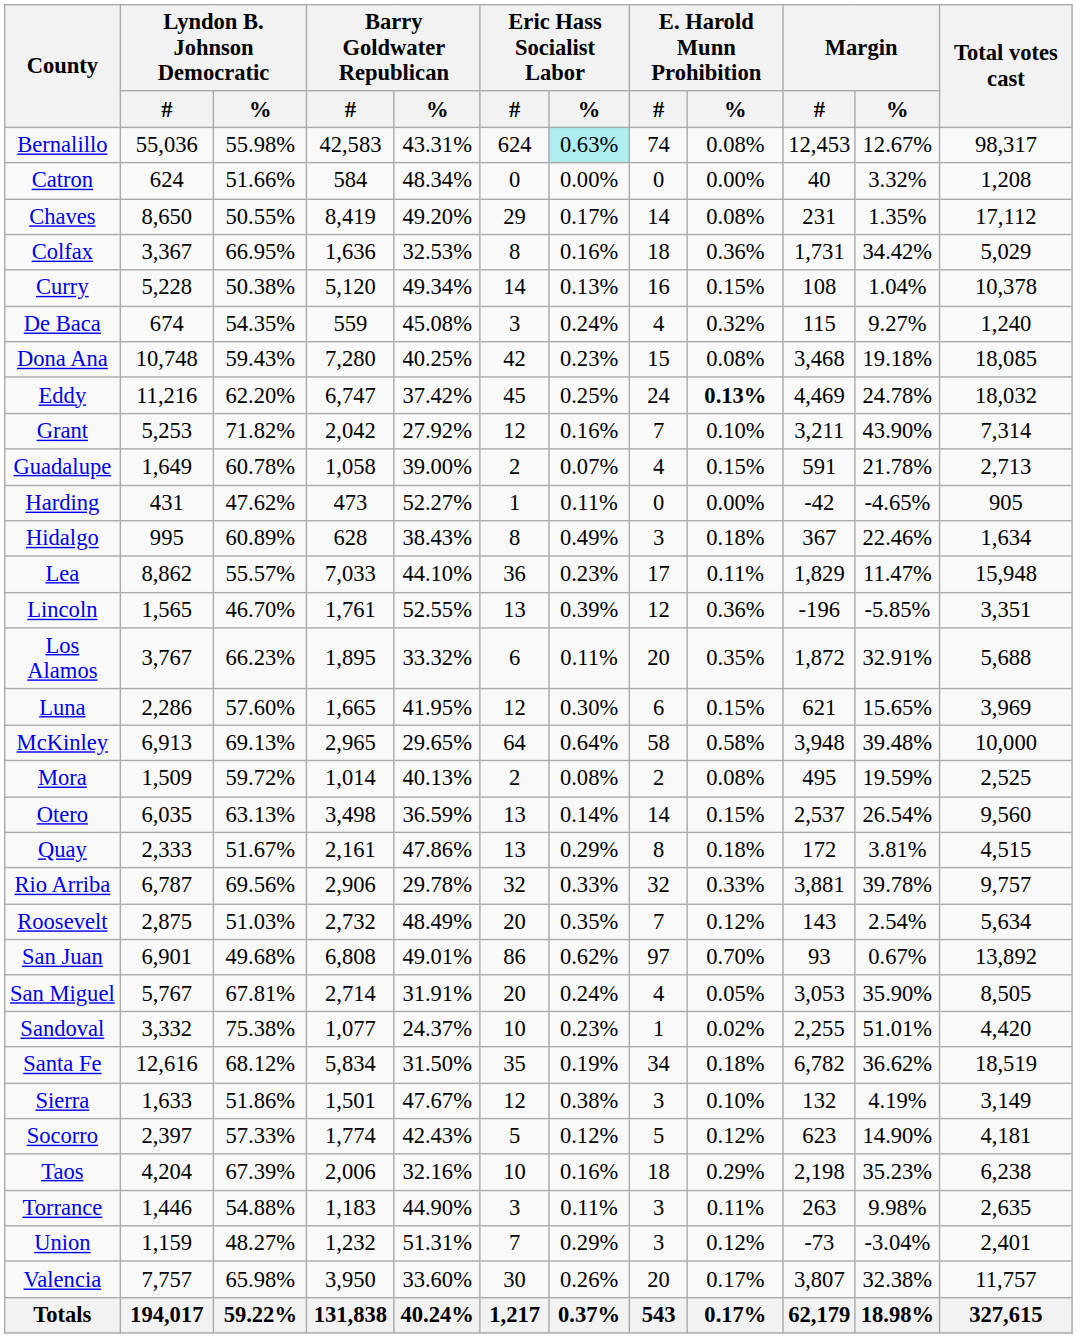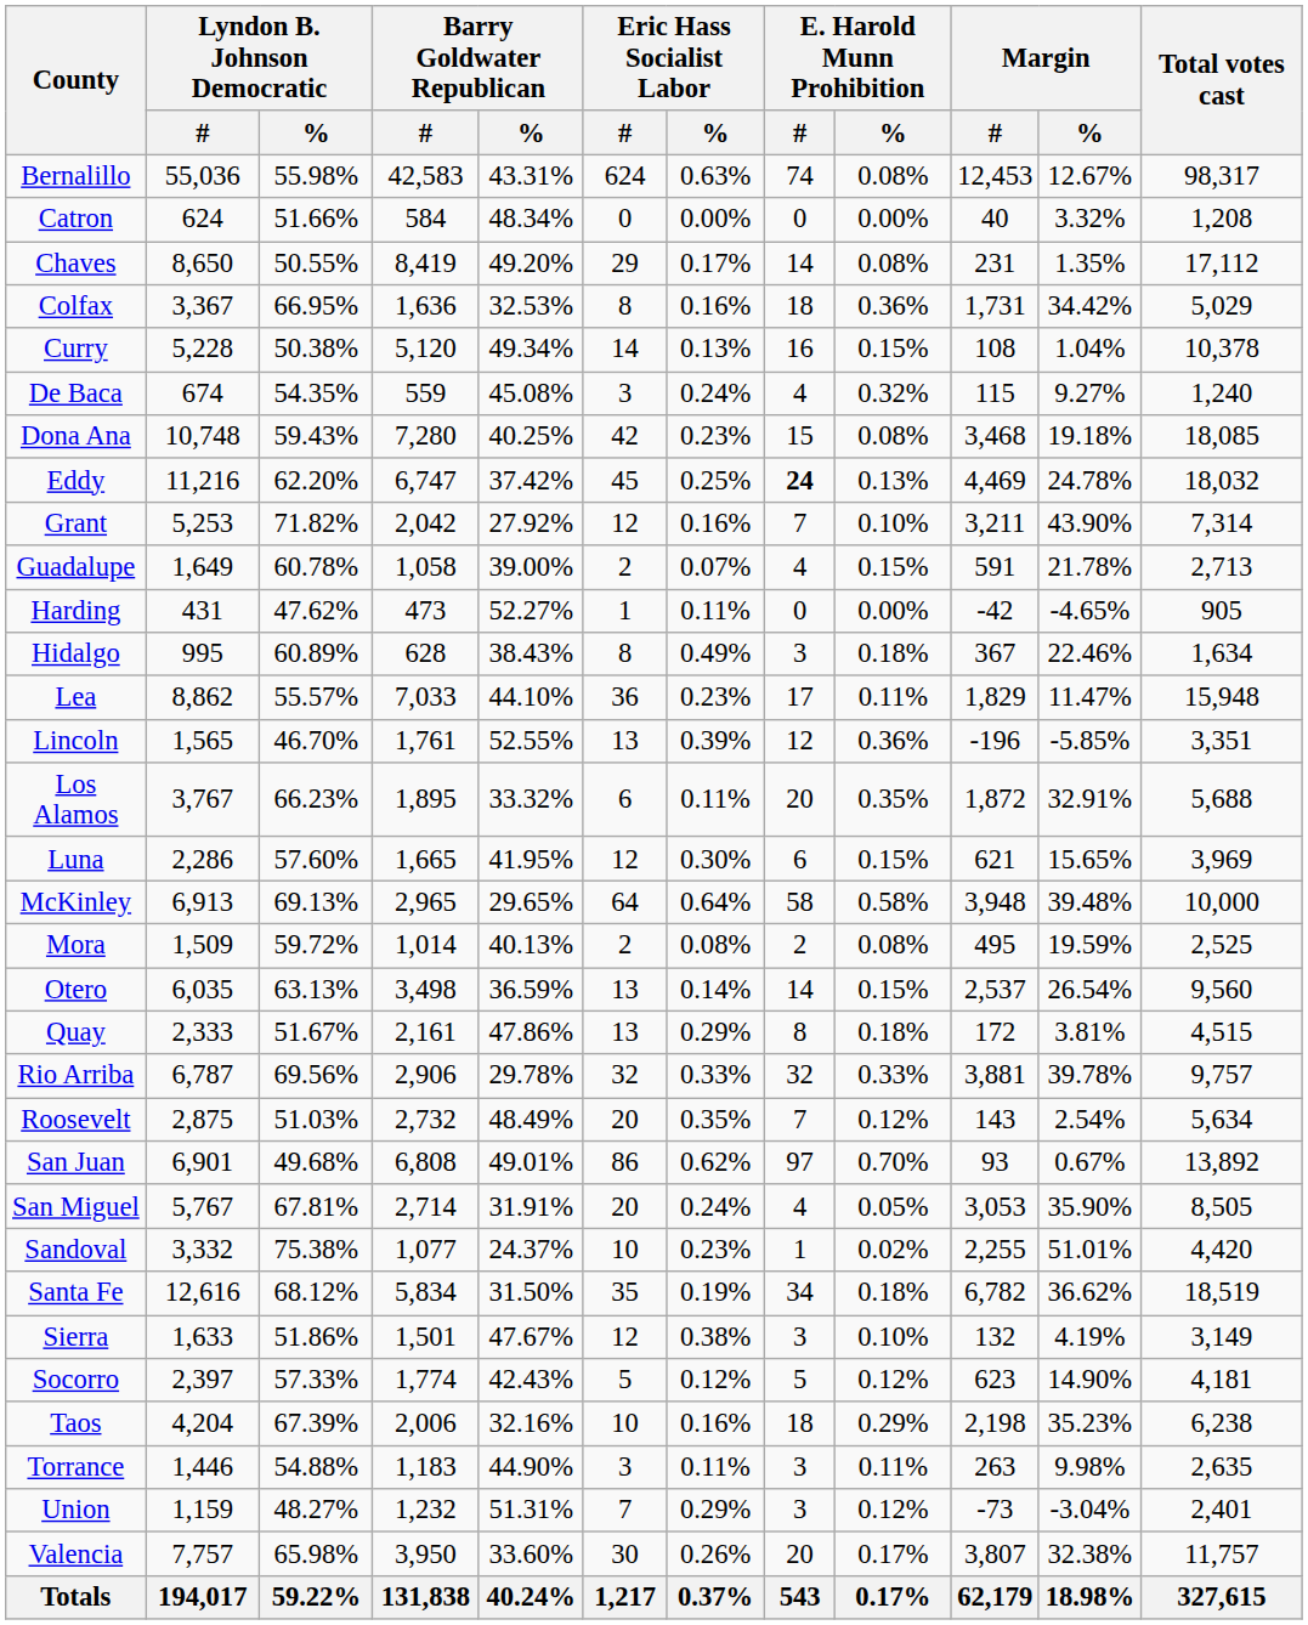 <table width="60%" class="wikitable sortable" style="text-align:center">
 <tr>
 <th style="text-align:center;" rowspan="2">County</th>
 <th style="text-align:center;" colspan="2">Lyndon B. Johnson<br>Democratic</th>
 <th style="text-align:center;" colspan="2">Barry Goldwater<br>Republican</th>
 <th style="text-align:center;" colspan="2">Eric Hass<br>Socialist Labor</th>
 <th style="text-align:center;" colspan="2">E. Harold Munn<br>Prohibition</th>
 <th style="text-align:center;" colspan="2">Margin</th>
 <th style="text-align:center;" rowspan="2">Total votes cast</th>
 </tr>
 <tr>
 <th style="text-align:center;" data-sort-type="number">#</th>
 <th style="text-align:center;" data-sort-type="number">%</th>
 <th style="text-align:center;" data-sort-type="number">#</th>
 <th style="text-align:center;" data-sort-type="number">%</th>
 <th style="text-align:center;" data-sort-type="number">#</th>
 <th style="text-align:center;" data-sort-type="number">%</th>
 <th style="text-align:center;" data-sort-type="number">#</th>
 <th style="text-align:center;" data-sort-type="number">%</th>
 <th style="text-align:center;" data-sort-type="number">#</th>
 <th style="text-align:center;" data-sort-type="number">%</th>
 </tr>
 <tr style="text-align:center;">
 <td><a href='#'>Bernalillo</a></td>
 <td>55,036</td>
 <td>55.98%</td>
 <td>42,583</td>
 <td>43.31%</td>
 <td>624</td>
-<td style="background: paleturquoise;">0.63%</td>
+<td>0.63%</td>
 <td>74</td>
 <td>0.08%</td>
 <td>12,453</td>
 <td>12.67%</td>
 <td>98,317</td>
 </tr>
 <tr style="text-align:center;">
 <td><a href='#'>Catron</a></td>
 <td>624</td>
 <td>51.66%</td>
 <td>584</td>
 <td>48.34%</td>
 <td>0</td>
 <td>0.00%</td>
 <td>0</td>
 <td>0.00%</td>
 <td>40</td>
 <td>3.32%</td>
 <td>1,208</td>
 </tr>
 <tr style="text-align:center;">
 <td><a href='#'>Chaves</a></td>
 <td>8,650</td>
 <td>50.55%</td>
 <td>8,419</td>
 <td>49.20%</td>
 <td>29</td>
 <td>0.17%</td>
 <td>14</td>
 <td>0.08%</td>
 <td>231</td>
 <td>1.35%</td>
 <td>17,112</td>
 </tr>
 <tr style="text-align:center;">
 <td><a href='#'>Colfax</a></td>
 <td>3,367</td>
 <td>66.95%</td>
 <td>1,636</td>
 <td>32.53%</td>
 <td>8</td>
 <td>0.16%</td>
 <td>18</td>
 <td>0.36%</td>
 <td>1,731</td>
 <td>34.42%</td>
 <td>5,029</td>
 </tr>
 <tr style="text-align:center;">
 <td><a href='#'>Curry</a></td>
 <td>5,228</td>
 <td>50.38%</td>
 <td>5,120</td>
 <td>49.34%</td>
 <td>14</td>
 <td>0.13%</td>
 <td>16</td>
 <td>0.15%</td>
 <td>108</td>
 <td>1.04%</td>
 <td>10,378</td>
 </tr>
 <tr style="text-align:center;">
 <td><a href='#'>De Baca</a></td>
 <td>674</td>
 <td>54.35%</td>
 <td>559</td>
 <td>45.08%</td>
 <td>3</td>
 <td>0.24%</td>
 <td>4</td>
 <td>0.32%</td>
 <td>115</td>
 <td>9.27%</td>
 <td>1,240</td>
 </tr>
 <tr style="text-align:center;">
 <td><a href='#'>Dona Ana</a></td>
 <td>10,748</td>
 <td>59.43%</td>
 <td>7,280</td>
 <td>40.25%</td>
 <td>42</td>
 <td>0.23%</td>
 <td>15</td>
 <td>0.08%</td>
 <td>3,468</td>
 <td>19.18%</td>
 <td>18,085</td>
 </tr>
 <tr style="text-align:center;">
 <td><a href='#'>Eddy</a></td>
 <td>11,216</td>
 <td>62.20%</td>
 <td>6,747</td>
 <td>37.42%</td>
 <td>45</td>
 <td>0.25%</td>
-<td>24</td>
-<td><strong>0.13%</strong></td>
+<td><strong>24</strong></td>
+<td>0.13%</td>
 <td>4,469</td>
 <td>24.78%</td>
 <td>18,032</td>
 </tr>
 <tr style="text-align:center;">
 <td><a href='#'>Grant</a></td>
 <td>5,253</td>
 <td>71.82%</td>
 <td>2,042</td>
 <td>27.92%</td>
 <td>12</td>
 <td>0.16%</td>
 <td>7</td>
 <td>0.10%</td>
 <td>3,211</td>
 <td>43.90%</td>
 <td>7,314</td>
 </tr>
 <tr style="text-align:center;">
 <td><a href='#'>Guadalupe</a></td>
 <td>1,649</td>
 <td>60.78%</td>
 <td>1,058</td>
 <td>39.00%</td>
 <td>2</td>
 <td>0.07%</td>
 <td>4</td>
 <td>0.15%</td>
 <td>591</td>
 <td>21.78%</td>
 <td>2,713</td>
 </tr>
 <tr style="text-align:center;">
 <td><a href='#'>Harding</a></td>
 <td>431</td>
 <td>47.62%</td>
 <td>473</td>
 <td>52.27%</td>
 <td>1</td>
 <td>0.11%</td>
 <td>0</td>
 <td>0.00%</td>
 <td>-42</td>
 <td>-4.65%</td>
 <td>905</td>
 </tr>
 <tr style="text-align:center;">
 <td><a href='#'>Hidalgo</a></td>
 <td>995</td>
 <td>60.89%</td>
 <td>628</td>
 <td>38.43%</td>
 <td>8</td>
 <td>0.49%</td>
 <td>3</td>
 <td>0.18%</td>
 <td>367</td>
 <td>22.46%</td>
 <td>1,634</td>
 </tr>
 <tr style="text-align:center;">
 <td><a href='#'>Lea</a></td>
 <td>8,862</td>
 <td>55.57%</td>
 <td>7,033</td>
 <td>44.10%</td>
 <td>36</td>
 <td>0.23%</td>
 <td>17</td>
 <td>0.11%</td>
 <td>1,829</td>
 <td>11.47%</td>
 <td>15,948</td>
 </tr>
 <tr style="text-align:center;">
 <td><a href='#'>Lincoln</a></td>
 <td>1,565</td>
 <td>46.70%</td>
 <td>1,761</td>
 <td>52.55%</td>
 <td>13</td>
 <td>0.39%</td>
 <td>12</td>
 <td>0.36%</td>
 <td>-196</td>
 <td>-5.85%</td>
 <td>3,351</td>
 </tr>
 <tr style="text-align:center;">
 <td><a href='#'>Los Alamos</a></td>
 <td>3,767</td>
 <td>66.23%</td>
 <td>1,895</td>
 <td>33.32%</td>
 <td>6</td>
 <td>0.11%</td>
 <td>20</td>
 <td>0.35%</td>
 <td>1,872</td>
 <td>32.91%</td>
 <td>5,688</td>
 </tr>
 <tr style="text-align:center;">
 <td><a href='#'>Luna</a></td>
 <td>2,286</td>
 <td>57.60%</td>
 <td>1,665</td>
 <td>41.95%</td>
 <td>12</td>
 <td>0.30%</td>
 <td>6</td>
 <td>0.15%</td>
 <td>621</td>
 <td>15.65%</td>
 <td>3,969</td>
 </tr>
 <tr style="text-align:center;">
 <td><a href='#'>McKinley</a></td>
 <td>6,913</td>
 <td>69.13%</td>
 <td>2,965</td>
 <td>29.65%</td>
 <td>64</td>
 <td>0.64%</td>
 <td>58</td>
 <td>0.58%</td>
 <td>3,948</td>
 <td>39.48%</td>
 <td>10,000</td>
 </tr>
 <tr style="text-align:center;">
 <td><a href='#'>Mora</a></td>
 <td>1,509</td>
 <td>59.72%</td>
 <td>1,014</td>
 <td>40.13%</td>
 <td>2</td>
 <td>0.08%</td>
 <td>2</td>
 <td>0.08%</td>
 <td>495</td>
 <td>19.59%</td>
 <td>2,525</td>
 </tr>
 <tr style="text-align:center;">
 <td><a href='#'>Otero</a></td>
 <td>6,035</td>
 <td>63.13%</td>
 <td>3,498</td>
 <td>36.59%</td>
 <td>13</td>
 <td>0.14%</td>
 <td>14</td>
 <td>0.15%</td>
 <td>2,537</td>
 <td>26.54%</td>
 <td>9,560</td>
 </tr>
 <tr style="text-align:center;">
 <td><a href='#'>Quay</a></td>
 <td>2,333</td>
 <td>51.67%</td>
 <td>2,161</td>
 <td>47.86%</td>
 <td>13</td>
 <td>0.29%</td>
 <td>8</td>
 <td>0.18%</td>
 <td>172</td>
 <td>3.81%</td>
 <td>4,515</td>
 </tr>
 <tr style="text-align:center;">
 <td><a href='#'>Rio Arriba</a></td>
 <td>6,787</td>
 <td>69.56%</td>
 <td>2,906</td>
 <td>29.78%</td>
 <td>32</td>
 <td>0.33%</td>
 <td>32</td>
 <td>0.33%</td>
 <td>3,881</td>
 <td>39.78%</td>
 <td>9,757</td>
 </tr>
 <tr style="text-align:center;">
 <td><a href='#'>Roosevelt</a></td>
 <td>2,875</td>
 <td>51.03%</td>
 <td>2,732</td>
 <td>48.49%</td>
 <td>20</td>
 <td>0.35%</td>
 <td>7</td>
 <td>0.12%</td>
 <td>143</td>
 <td>2.54%</td>
 <td>5,634</td>
 </tr>
 <tr style="text-align:center;">
 <td><a href='#'>San Juan</a></td>
 <td>6,901</td>
 <td>49.68%</td>
 <td>6,808</td>
 <td>49.01%</td>
 <td>86</td>
 <td>0.62%</td>
 <td>97</td>
 <td>0.70%</td>
 <td>93</td>
 <td>0.67%</td>
 <td>13,892</td>
 </tr>
 <tr style="text-align:center;">
 <td><a href='#'>San Miguel</a></td>
 <td>5,767</td>
 <td>67.81%</td>
 <td>2,714</td>
 <td>31.91%</td>
 <td>20</td>
 <td>0.24%</td>
 <td>4</td>
 <td>0.05%</td>
 <td>3,053</td>
 <td>35.90%</td>
 <td>8,505</td>
 </tr>
 <tr style="text-align:center;">
 <td><a href='#'>Sandoval</a></td>
 <td>3,332</td>
 <td>75.38%</td>
 <td>1,077</td>
 <td>24.37%</td>
 <td>10</td>
 <td>0.23%</td>
 <td>1</td>
 <td>0.02%</td>
 <td>2,255</td>
 <td>51.01%</td>
 <td>4,420</td>
 </tr>
 <tr style="text-align:center;">
 <td><a href='#'>Santa Fe</a></td>
 <td>12,616</td>
 <td>68.12%</td>
 <td>5,834</td>
 <td>31.50%</td>
 <td>35</td>
 <td>0.19%</td>
 <td>34</td>
 <td>0.18%</td>
 <td>6,782</td>
 <td>36.62%</td>
 <td>18,519</td>
 </tr>
 <tr style="text-align:center;">
 <td><a href='#'>Sierra</a></td>
 <td>1,633</td>
 <td>51.86%</td>
 <td>1,501</td>
 <td>47.67%</td>
 <td>12</td>
 <td>0.38%</td>
 <td>3</td>
 <td>0.10%</td>
 <td>132</td>
 <td>4.19%</td>
 <td>3,149</td>
 </tr>
 <tr style="text-align:center;">
 <td><a href='#'>Socorro</a></td>
 <td>2,397</td>
 <td>57.33%</td>
 <td>1,774</td>
 <td>42.43%</td>
 <td>5</td>
 <td>0.12%</td>
 <td>5</td>
 <td>0.12%</td>
 <td>623</td>
 <td>14.90%</td>
 <td>4,181</td>
 </tr>
 <tr style="text-align:center;">
 <td><a href='#'>Taos</a></td>
 <td>4,204</td>
 <td>67.39%</td>
 <td>2,006</td>
 <td>32.16%</td>
 <td>10</td>
 <td>0.16%</td>
 <td>18</td>
 <td>0.29%</td>
 <td>2,198</td>
 <td>35.23%</td>
 <td>6,238</td>
 </tr>
 <tr style="text-align:center;">
 <td><a href='#'>Torrance</a></td>
 <td>1,446</td>
 <td>54.88%</td>
 <td>1,183</td>
 <td>44.90%</td>
 <td>3</td>
 <td>0.11%</td>
 <td>3</td>
 <td>0.11%</td>
 <td>263</td>
 <td>9.98%</td>
 <td>2,635</td>
 </tr>
 <tr style="text-align:center;">
 <td><a href='#'>Union</a></td>
 <td>1,159</td>
 <td>48.27%</td>
 <td>1,232</td>
 <td>51.31%</td>
 <td>7</td>
 <td>0.29%</td>
 <td>3</td>
 <td>0.12%</td>
 <td>-73</td>
 <td>-3.04%</td>
 <td>2,401</td>
 </tr>
 <tr style="text-align:center;">
 <td><a href='#'>Valencia</a></td>
 <td>7,757</td>
 <td>65.98%</td>
 <td>3,950</td>
 <td>33.60%</td>
 <td>30</td>
 <td>0.26%</td>
 <td>20</td>
 <td>0.17%</td>
 <td>3,807</td>
 <td>32.38%</td>
 <td>11,757</td>
 </tr>
 <tr>
 <th>Totals</th>
 <th>194,017</th>
 <th>59.22%</th>
 <th>131,838</th>
 <th>40.24%</th>
 <th>1,217</th>
 <th>0.37%</th>
 <th>543</th>
 <th>0.17%</th>
 <th>62,179</th>
 <th>18.98%</th>
 <th>327,615</th>
 </tr>
 </table>
